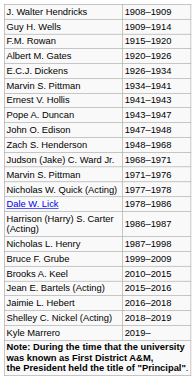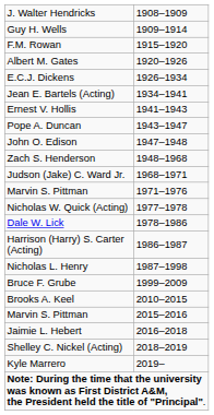 <table class="wikitable floatright" cellpadding="2" cellspacing="2" style="font-size: 90%;">
 <tr>
 <td style="width:175px;">J. Walter Hendricks</td>
 <td>1908–1909</td>
 </tr>
 <tr>
 <td style="width:175px;">Guy H. Wells</td>
 <td>1909–1914</td>
 </tr>
 <tr>
 <td style="width:175px;">F.M. Rowan</td>
 <td>1915–1920</td>
 </tr>
 <tr>
 <td style="width:175px;">Albert M. Gates</td>
 <td>1920–1926</td>
 </tr>
 <tr>
 <td style="width:175px;">E.C.J. Dickens</td>
 <td>1926–1934</td>
 </tr>
 <tr>
-<td style="width:175px;">Marvin S. Pittman</td>
+<td style="width:175px;">Jean E. Bartels (Acting)</td>
 <td>1934–1941</td>
 </tr>
 <tr>
 <td style="width:175px;">Ernest V. Hollis</td>
 <td>1941–1943</td>
 </tr>
 <tr>
 <td style="width:175px;">Pope A. Duncan</td>
 <td>1943–1947</td>
 </tr>
 <tr>
 <td style="width:175px;">John O. Edison</td>
 <td>1947–1948</td>
 </tr>
 <tr>
 <td style="width:175px;">Zach S. Henderson</td>
 <td>1948–1968</td>
 </tr>
 <tr>
 <td style="width:175px;">Judson (Jake) C. Ward Jr.</td>
 <td>1968–1971</td>
 </tr>
 <tr>
 <td style="width:175px;">Marvin S. Pittman</td>
 <td>1971–1976</td>
 </tr>
 <tr>
 <td style="width:175px;">Nicholas W. Quick (Acting)</td>
 <td>1977–1978</td>
 </tr>
 <tr>
 <td style="width:175px;"><a href='#'>Dale W. Lick</a></td>
 <td>1978–1986</td>
 </tr>
 <tr>
 <td style="width:175px;">Harrison (Harry) S. Carter (Acting)</td>
 <td>1986–1987</td>
 </tr>
 <tr>
 <td style="width:175px;">Nicholas L. Henry</td>
 <td>1987–1998</td>
 </tr>
 <tr>
 <td style="width:175px;">Bruce F. Grube</td>
 <td>1999–2009</td>
 </tr>
 <tr>
 <td style="width:175px;">Brooks A. Keel</td>
 <td>2010–2015</td>
 </tr>
 <tr>
-<td style="width:175px;">Jean E. Bartels (Acting)</td>
+<td style="width:175px;">Marvin S. Pittman</td>
 <td>2015–2016</td>
 </tr>
 <tr>
 <td style="width:175px;">Jaimie L. Hebert</td>
 <td>2016–2018</td>
 </tr>
 <tr>
 <td style="width:175px;">Shelley C. Nickel (Acting)</td>
 <td>2018–2019</td>
 </tr>
 <tr>
 <td style="width:175px;">Kyle Marrero</td>
 <td>2019–</td>
 </tr>
 <tr>
 <td colspan="2" style="text-align: left;"><strong>Note: During the time that the university<br> was known as First District A&M,<br> the President held the title of "Principal"</strong>.</td>
 </tr>
 </table>
